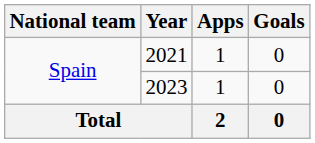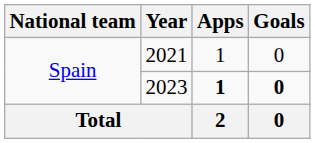 <table class=wikitable style=text-align:center>
 <tr>
 <th>National team</th>
 <th>Year</th>
 <th>Apps</th>
 <th>Goals</th>
 </tr>
 <tr>
 <td rowspan=2><a href='#'>Spain</a></td>
 <td>2021</td>
 <td>1</td>
 <td>0</td>
 </tr>
 <tr>
 <td>2023</td>
-<td>1</td>
-<td>0</td>
+<td><strong>1</strong></td>
+<td><strong>0</strong></td>
 </tr>
 <tr>
 <th colspan=2>Total</th>
 <th>2</th>
 <th>0</th>
 </tr>
 </table>
